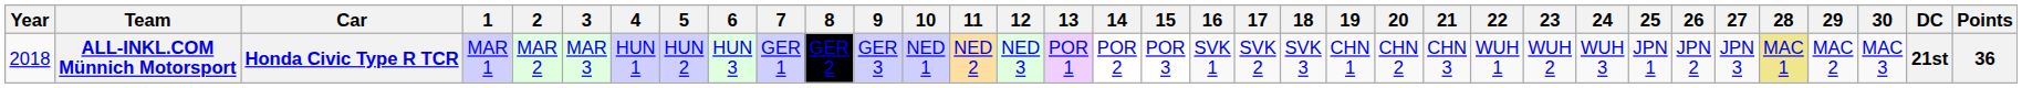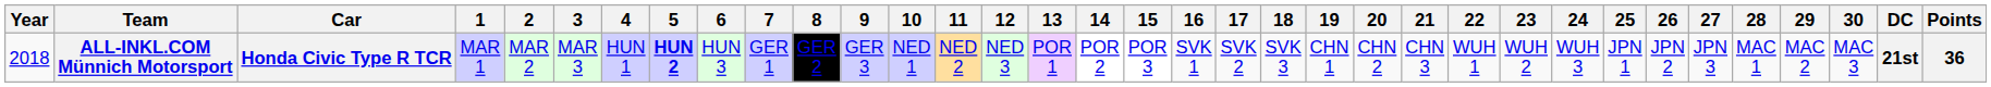 <table class="wikitable" style="text-align:center; font-size:85%">
 <tr>
 <th>Year</th>
 <th>Team</th>
 <th>Car</th>
 <th>1</th>
 <th>2</th>
 <th>3</th>
 <th>4</th>
 <th>5</th>
 <th>6</th>
 <th>7</th>
 <th>8</th>
 <th>9</th>
 <th>10</th>
 <th>11</th>
 <th>12</th>
 <th>13</th>
 <th>14</th>
 <th>15</th>
 <th>16</th>
 <th>17</th>
 <th>18</th>
 <th>19</th>
 <th>20</th>
 <th>21</th>
 <th>22</th>
 <th>23</th>
 <th>24</th>
 <th>25</th>
 <th>26</th>
 <th>27</th>
 <th>28</th>
 <th>29</th>
 <th>30</th>
 <th>DC</th>
 <th>Points</th>
 </tr>
 <tr>
 <td><a href='#'>2018</a></td>
 <th nowrap><a href='#'>ALL-INKL.COM<br>Münnich Motorsport</a></th>
 <th nowrap><a href='#'>Honda Civic Type R TCR</a></th>
 <td style="background:#CFCFFF;"><a href='#'>MAR<br>1</a><br></td>
 <td style="background:#DFFFDF;"><a href='#'>MAR<br>2</a><br></td>
 <td style="background:#DFFFDF;"><a href='#'>MAR<br>3</a><br></td>
 <td style="background:#CFCFFF;"><a href='#'>HUN<br>1</a><br></td>
-<td style="background:#CFCFFF;"><a href='#'>HUN<br>2</a><br></td>
+<td style="background:#CFCFFF;"><strong><a href='#'>HUN<br>2</a><br></strong></td>
 <td style="background:#DFFFDF;"><a href='#'>HUN<br>3</a><br></td>
 <td style="background:#CFCFFF;"><a href='#'>GER<br>1</a><br></td>
 <td style="background:#000000; color:white"><a href='#'><span>GER<br>2</span></a><br></td>
 <td style="background:#CFCFFF;"><a href='#'>GER<br>3</a><br></td>
 <td style="background:#CFCFFF;"><a href='#'>NED<br>1</a><br></td>
 <td style="background:#FFDF9F;"><a href='#'>NED<br>2</a><br></td>
 <td style="background:#DFFFDF;"><a href='#'>NED<br>3</a><br></td>
 <td style="background:#EFCFFF;"><a href='#'>POR<br>1</a><br></td>
 <td style="background:#FFFFFF;"><a href='#'>POR<br>2</a><br></td>
 <td style="background:#FFFFFF;"><a href='#'>POR<br>3</a><br></td>
 <td><a href='#'>SVK<br>1</a></td>
 <td><a href='#'>SVK<br>2</a></td>
 <td><a href='#'>SVK<br>3</a></td>
 <td><a href='#'>CHN<br>1</a></td>
 <td><a href='#'>CHN<br>2</a></td>
 <td><a href='#'>CHN<br>3</a></td>
 <td><a href='#'>WUH<br>1</a></td>
 <td><a href='#'>WUH<br>2</a></td>
 <td><a href='#'>WUH<br>3</a></td>
 <td><a href='#'>JPN<br>1</a></td>
 <td><a href='#'>JPN<br>2</a></td>
 <td><a href='#'>JPN<br>3</a></td>
-<td style="background: khaki;"><a href='#'>MAC<br>1</a></td>
+<td><a href='#'>MAC<br>1</a></td>
 <td><a href='#'>MAC<br>2</a></td>
 <td><a href='#'>MAC<br>3</a></td>
 <th>21st</th>
 <th>36</th>
 </tr>
 </table>
